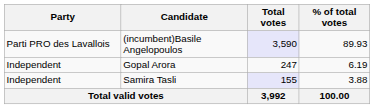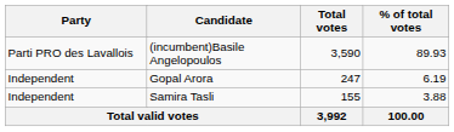 <table style="width:600px;" class="wikitable">
 <tr style="background-color:#E9E9E9">
 <th colspan="2" style="width: 200px">Party</th>
 <th colspan="1" style="width: 200px">Candidate</th>
 <th align="right">Total votes</th>
 <th align="right">% of total votes</th>
 </tr>
 <tr>
 <td colspan="2" align="left">Parti PRO des Lavallois</td>
 <td align="left">(incumbent)Basile Angelopoulos</td>
-<td align="right" style="background: lavender;">3,590</td>
+<td align="right">3,590</td>
 <td align="right">89.93</td>
 </tr>
 <tr>
 <td colspan="2" align="left">Independent</td>
 <td align="left">Gopal Arora</td>
 <td align="right">247</td>
 <td align="right">6.19</td>
 </tr>
 <tr>
 <td colspan="2" align="left">Independent</td>
 <td align="left">Samira Tasli</td>
-<td align="right" style="background: lavender;">155</td>
+<td align="right">155</td>
 <td align="right">3.88</td>
 </tr>
 <tr bgcolor="#EEEEEE">
 <th colspan="3"  align="left">Total valid votes</th>
 <th align="right">3,992</th>
 <th align="right">100.00</th>
 </tr>
 </table>
